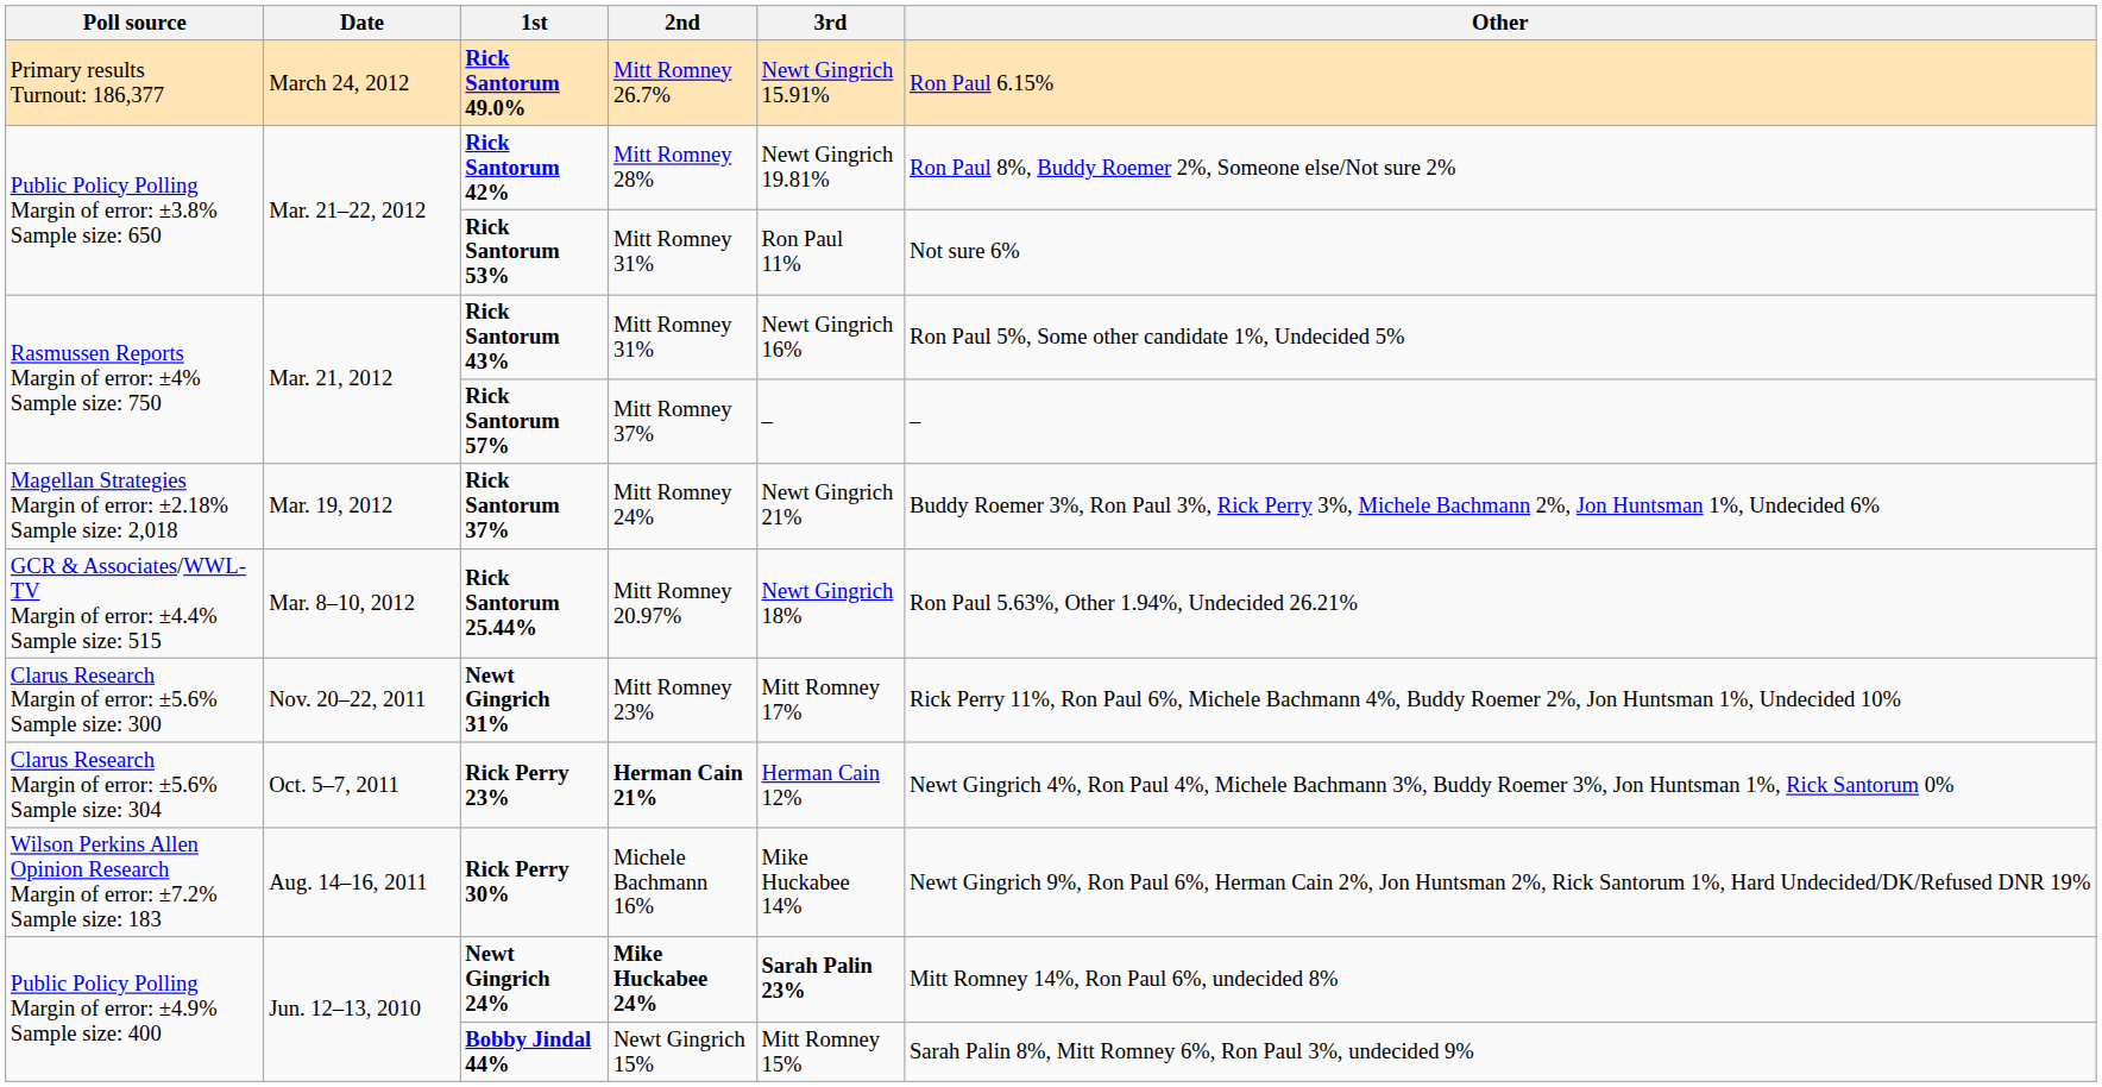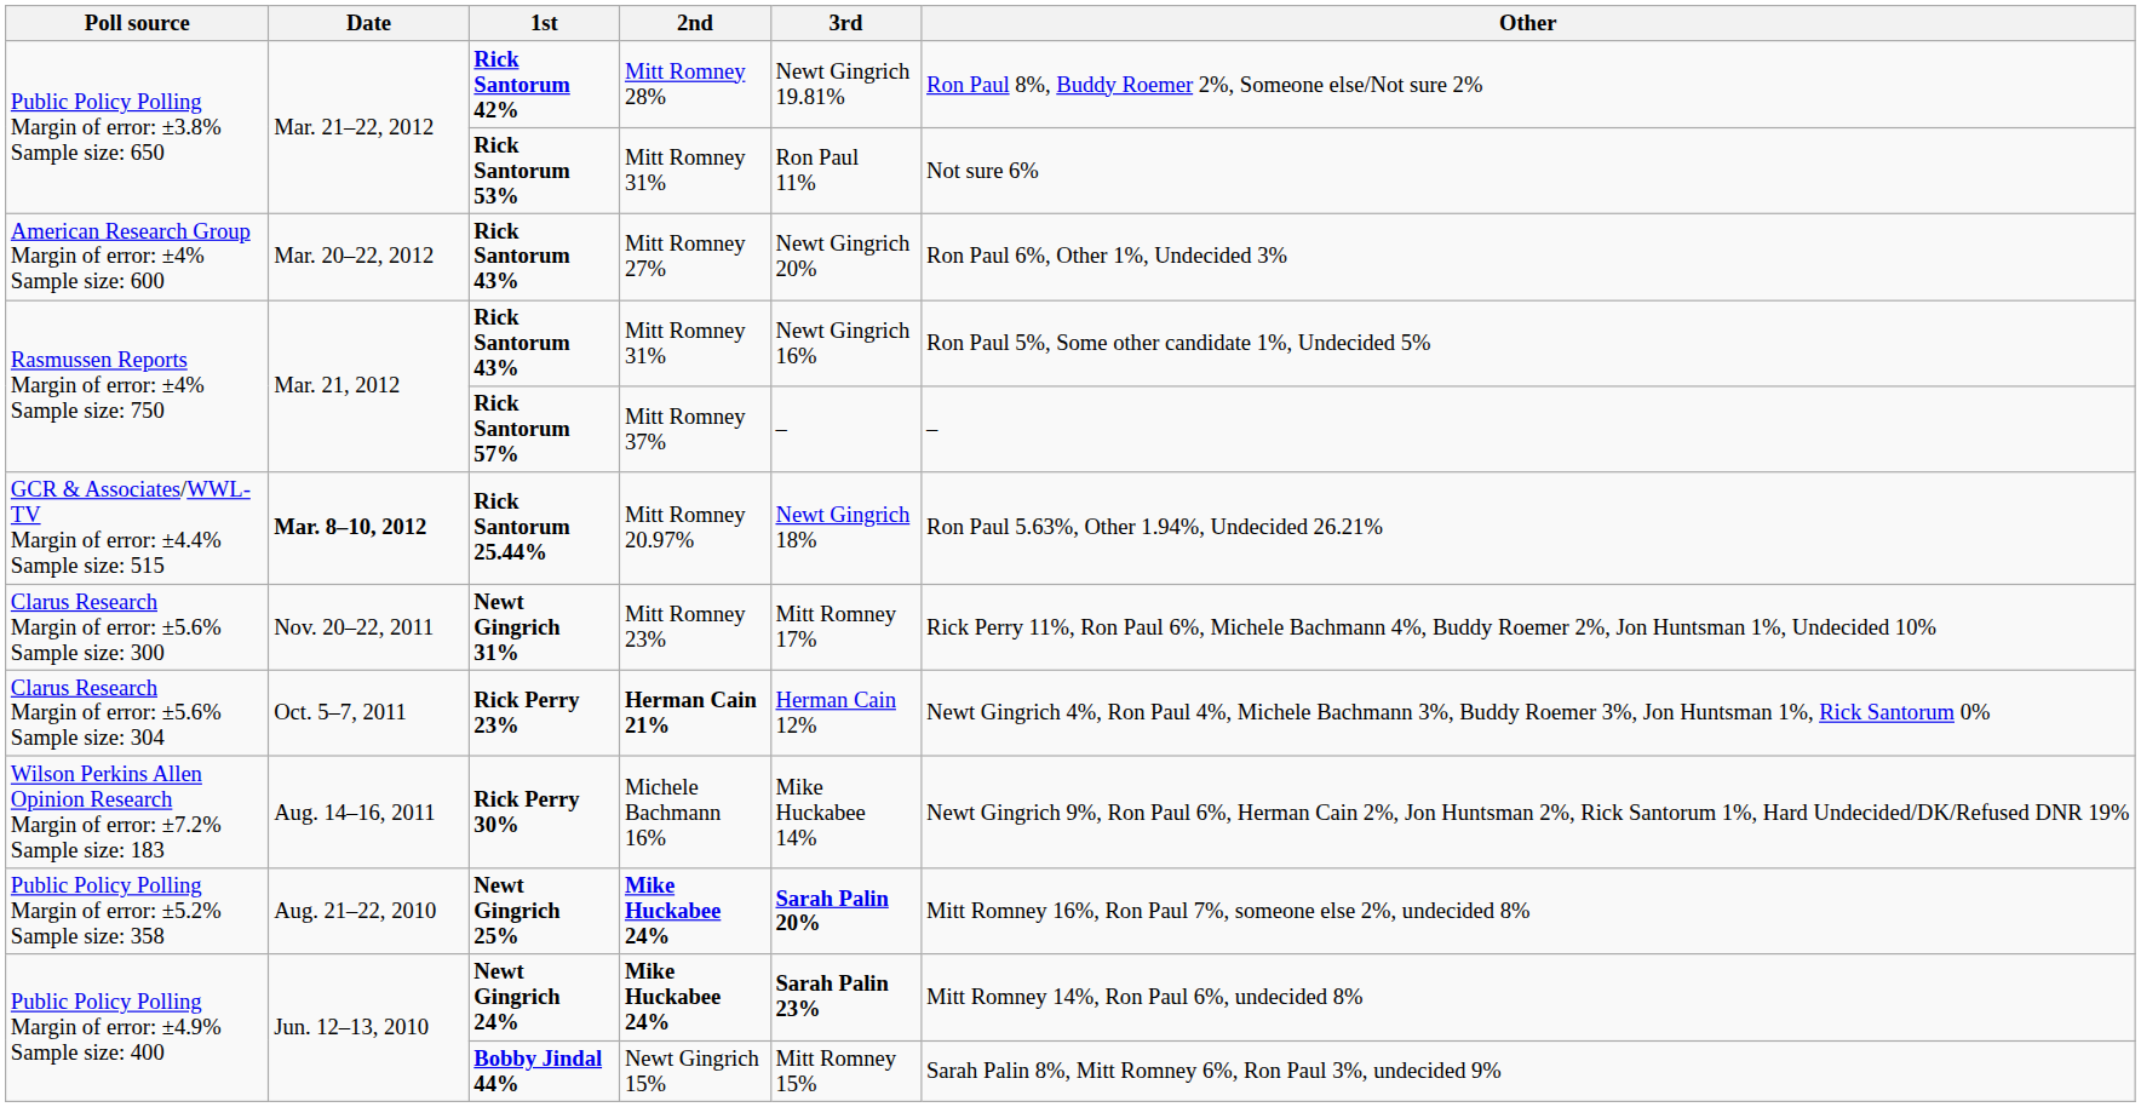 <table class="wikitable">
 <tr>
 <th style="width:180px;">Poll source</th>
 <th style="width:135px;">Date</th>
 <th style="width:100px;">1st</th>
 <th style="width:100px;">2nd</th>
 <th style="width:100px;">3rd</th>
 <th>Other</th>
-</tr>
-<tr style="background:Moccasin;">
-<td>Primary results<br>Turnout: 186,377</td>
-<td>March 24, 2012</td>
-<td><strong><a href='#'>Rick Santorum</a> 49.0% </strong></td>
-<td><a href='#'>Mitt Romney</a><br>26.7%</td>
-<td><a href='#'>Newt Gingrich</a><br>15.91%</td>
-<td><a href='#'>Ron Paul</a> 6.15%</td>
 </tr>
 <tr>
 <td rowspan=2><a href='#'>Public Policy Polling</a><br>Margin of error: ±3.8% <br>Sample size: 650</td>
 <td rowspan=2>Mar. 21–22, 2012</td>
 <td><strong><a href='#'>Rick Santorum</a><br>42%</strong></td>
 <td><a href='#'>Mitt Romney</a><br>28%</td>
 <td>Newt Gingrich<br>19.81%</td>
 <td><a href='#'>Ron Paul</a> 8%, <a href='#'>Buddy Roemer</a> 2%, Someone else/Not sure 2%</td>
 </tr>
 <tr>
 <td><strong>Rick Santorum<br>53%</strong></td>
 <td>Mitt Romney<br>31%</td>
 <td>Ron Paul<br>11%</td>
 <td>Not sure 6%</td>
 </tr>
 <tr>
+<td><a href='#'>American Research Group</a><br>Margin of error: ±4% <br>Sample size: 600</td>
+<td>Mar. 20–22, 2012</td>
+<td><strong>Rick Santorum<br>43%</strong></td>
+<td>Mitt Romney<br>27%</td>
+<td>Newt Gingrich<br>20%</td>
+<td>Ron Paul 6%, Other 1%, Undecided 3%</td>
+</tr>
+<tr>
 <td rowspan=2><a href='#'>Rasmussen Reports</a><br>Margin of error: ±4% <br>Sample size: 750</td>
 <td rowspan=2>Mar. 21, 2012</td>
 <td><strong>Rick Santorum<br>43%</strong></td>
 <td>Mitt Romney<br>31%</td>
 <td>Newt Gingrich<br>16%</td>
 <td>Ron Paul 5%, Some other candidate 1%, Undecided 5%</td>
 </tr>
 <tr>
 <td><strong>Rick Santorum<br>57%</strong></td>
 <td>Mitt Romney<br>37%</td>
 <td>–</td>
 <td>–</td>
 </tr>
 <tr>
-<td><a href='#'>Magellan Strategies</a><br>Margin of error: ±2.18% <br>Sample size: 2,018</td>
-<td>Mar. 19, 2012</td>
-<td><strong>Rick Santorum<br>37%</strong></td>
-<td>Mitt Romney<br>24%</td>
-<td>Newt Gingrich<br>21%</td>
-<td>Buddy Roemer 3%, Ron Paul 3%, <a href='#'>Rick Perry</a> 3%, <a href='#'>Michele Bachmann</a> 2%, <a href='#'>Jon Huntsman</a> 1%, Undecided 6%</td>
-</tr>
-<tr>
 <td><a href='#'>GCR & Associates</a>/<a href='#'>WWL-TV</a><br>Margin of error: ±4.4% <br>Sample size: 515</td>
-<td>Mar. 8–10, 2012</td>
+<td><strong>Mar. 8–10, 2012</strong></td>
 <td><strong>Rick Santorum<br>25.44%</strong></td>
 <td>Mitt Romney<br>20.97%</td>
 <td><a href='#'>Newt Gingrich</a><br>18%</td>
 <td>Ron Paul 5.63%, Other 1.94%, Undecided 26.21%</td>
 </tr>
 <tr>
 <td><a href='#'>Clarus Research</a><br>Margin of error: ±5.6% <br>Sample size: 300</td>
 <td>Nov. 20–22, 2011</td>
 <td><strong>Newt Gingrich<br>31%</strong></td>
 <td>Mitt Romney<br>23%</td>
 <td>Mitt Romney<br>17%</td>
 <td>Rick Perry 11%, Ron Paul 6%, Michele Bachmann 4%, Buddy Roemer 2%, Jon Huntsman 1%, Undecided 10%</td>
 </tr>
 <tr>
 <td><a href='#'>Clarus Research</a><br>Margin of error: ±5.6% <br>Sample size: 304</td>
 <td>Oct. 5–7, 2011</td>
 <td><strong>Rick Perry<br>23%</strong></td>
 <td><strong>Herman Cain<br>21%</strong></td>
 <td><a href='#'>Herman Cain</a><br>12%</td>
 <td>Newt Gingrich 4%, Ron Paul 4%, Michele Bachmann 3%, Buddy Roemer 3%, Jon Huntsman 1%, <a href='#'>Rick Santorum</a> 0%</td>
 </tr>
 <tr>
 <td><a href='#'>Wilson Perkins Allen Opinion Research</a><br>Margin of error: ±7.2% <br>Sample size: 183</td>
 <td>Aug. 14–16, 2011</td>
 <td><strong>Rick Perry<br>30%</strong></td>
 <td>Michele Bachmann<br>16%</td>
 <td>Mike Huckabee<br>14%</td>
 <td>Newt Gingrich 9%, Ron Paul 6%, Herman Cain 2%, Jon Huntsman 2%, Rick Santorum 1%, Hard Undecided/DK/Refused DNR 19%</td>
 </tr>
 <tr>
+<td><a href='#'>Public Policy Polling</a><br>Margin of error: ±5.2% <br>Sample size: 358</td>
+<td>Aug. 21–22, 2010</td>
+<td><strong>Newt Gingrich<br>25%</strong></td>
+<td><strong><a href='#'>Mike Huckabee</a><br>24%</strong></td>
+<td><strong><a href='#'>Sarah Palin</a><br>20%</strong></td>
+<td>Mitt Romney 16%, Ron Paul 7%, someone else 2%, undecided 8%</td>
+</tr>
+<tr>
 <td rowspan=2><a href='#'>Public Policy Polling</a><br>Margin of error: ±4.9% <br>Sample size: 400</td>
 <td rowspan=2>Jun. 12–13, 2010</td>
 <td><strong>Newt Gingrich<br>24%</strong></td>
 <td><strong>Mike Huckabee<br>24%</strong></td>
 <td><strong>Sarah Palin<br>23%</strong></td>
 <td>Mitt Romney 14%, Ron Paul 6%, undecided 8%</td>
 </tr>
 <tr>
 <td><strong><a href='#'>Bobby Jindal</a><br>44%</strong></td>
 <td>Newt Gingrich<br>15%</td>
 <td>Mitt Romney<br>15%</td>
 <td>Sarah Palin 8%, Mitt Romney 6%, Ron Paul 3%, undecided 9%</td>
 </tr>
 </table>
